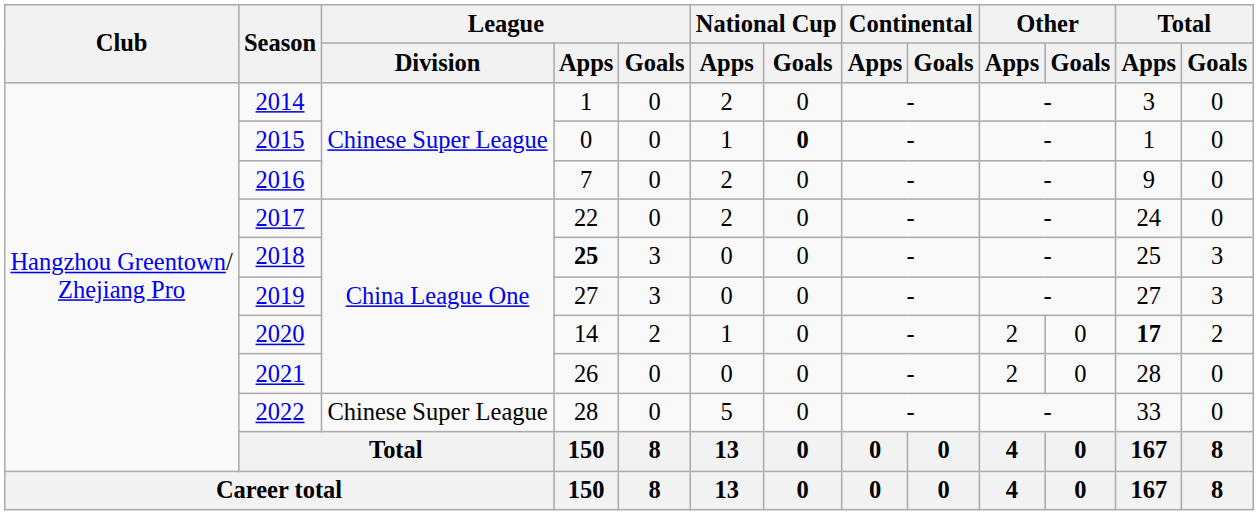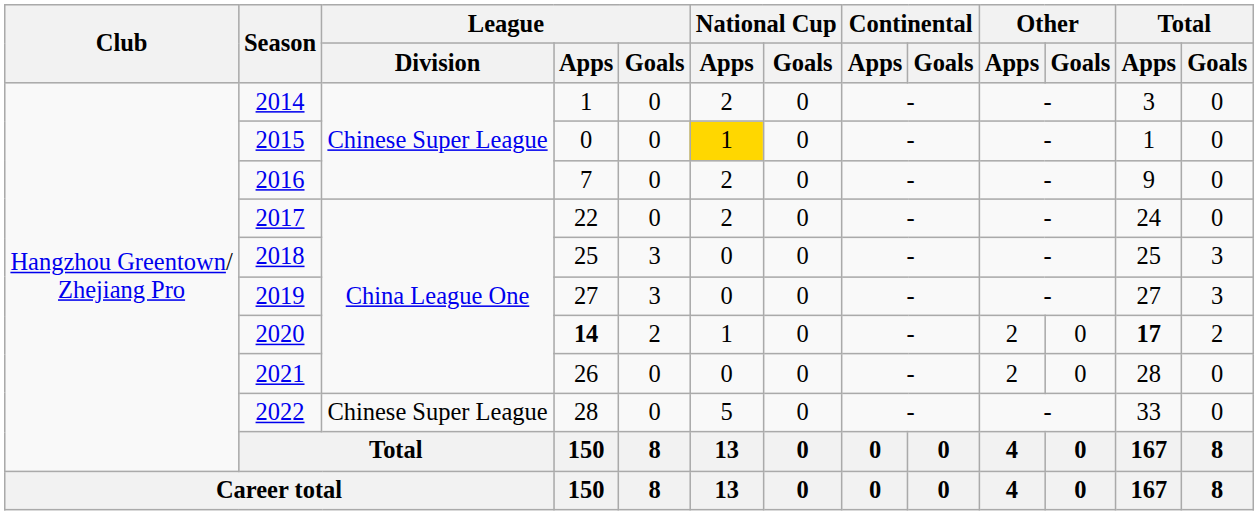 <table class="wikitable" style="text-align: center">
 <tr>
 <th rowspan="2">Club</th>
 <th rowspan="2">Season</th>
 <th colspan="3">League</th>
 <th colspan="2">National Cup</th>
 <th colspan="2">Continental</th>
 <th colspan="2">Other</th>
 <th colspan="2">Total</th>
 </tr>
 <tr>
 <th>Division</th>
 <th>Apps</th>
 <th>Goals</th>
 <th>Apps</th>
 <th>Goals</th>
 <th>Apps</th>
 <th>Goals</th>
 <th>Apps</th>
 <th>Goals</th>
 <th>Apps</th>
 <th>Goals</th>
 </tr>
 <tr>
 <td rowspan=10><a href='#'>Hangzhou Greentown</a>/<br><a href='#'>Zhejiang Pro</a></td>
 <td><a href='#'>2014</a></td>
 <td rowspan="3"><a href='#'>Chinese Super League</a></td>
 <td>1</td>
 <td>0</td>
 <td>2</td>
 <td>0</td>
 <td colspan="2">-</td>
 <td colspan="2">-</td>
 <td>3</td>
 <td>0</td>
 </tr>
 <tr>
 <td><a href='#'>2015</a></td>
 <td>0</td>
 <td>0</td>
-<td>1</td>
-<td><strong>0</strong></td>
+<td style="background: gold;">1</td>
+<td>0</td>
 <td colspan="2">-</td>
 <td colspan="2">-</td>
 <td>1</td>
 <td>0</td>
 </tr>
 <tr>
 <td><a href='#'>2016</a></td>
 <td>7</td>
 <td>0</td>
 <td>2</td>
 <td>0</td>
 <td colspan="2">-</td>
 <td colspan="2">-</td>
 <td>9</td>
 <td>0</td>
 </tr>
 <tr>
 <td><a href='#'>2017</a></td>
 <td rowspan=5><a href='#'>China League One</a></td>
 <td>22</td>
 <td>0</td>
 <td>2</td>
 <td>0</td>
 <td colspan="2">-</td>
 <td colspan="2">-</td>
 <td>24</td>
 <td>0</td>
 </tr>
 <tr>
 <td><a href='#'>2018</a></td>
-<td><strong>25</strong></td>
+<td>25</td>
 <td>3</td>
 <td>0</td>
 <td>0</td>
 <td colspan="2">-</td>
 <td colspan="2">-</td>
 <td>25</td>
 <td>3</td>
 </tr>
 <tr>
 <td><a href='#'>2019</a></td>
 <td>27</td>
 <td>3</td>
 <td>0</td>
 <td>0</td>
 <td colspan="2">-</td>
 <td colspan="2">-</td>
 <td>27</td>
 <td>3</td>
 </tr>
 <tr>
 <td><a href='#'>2020</a></td>
-<td>14</td>
+<td><strong>14</strong></td>
 <td>2</td>
 <td>1</td>
 <td>0</td>
 <td colspan="2">-</td>
 <td>2</td>
 <td>0</td>
 <td><strong>17</strong></td>
 <td>2</td>
 </tr>
 <tr>
 <td><a href='#'>2021</a></td>
 <td>26</td>
 <td>0</td>
 <td>0</td>
 <td>0</td>
 <td colspan="2">-</td>
 <td>2</td>
 <td>0</td>
 <td>28</td>
 <td>0</td>
 </tr>
 <tr>
 <td><a href='#'>2022</a></td>
 <td>Chinese Super League</td>
 <td>28</td>
 <td>0</td>
 <td>5</td>
 <td>0</td>
 <td colspan="2">-</td>
 <td colspan="2">-</td>
 <td>33</td>
 <td>0</td>
 </tr>
 <tr>
 <th colspan=2>Total</th>
 <th>150</th>
 <th>8</th>
 <th>13</th>
 <th>0</th>
 <th>0</th>
 <th>0</th>
 <th>4</th>
 <th>0</th>
 <th>167</th>
 <th>8</th>
 </tr>
 <tr>
 <th colspan=3>Career total</th>
 <th>150</th>
 <th>8</th>
 <th>13</th>
 <th>0</th>
 <th>0</th>
 <th>0</th>
 <th>4</th>
 <th>0</th>
 <th>167</th>
 <th>8</th>
 </tr>
 </table>
